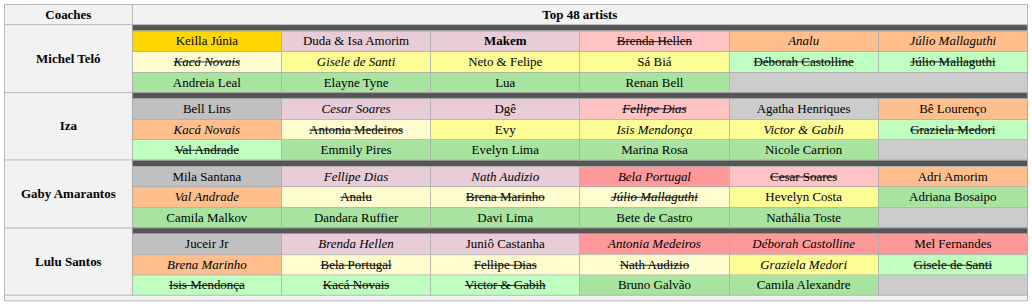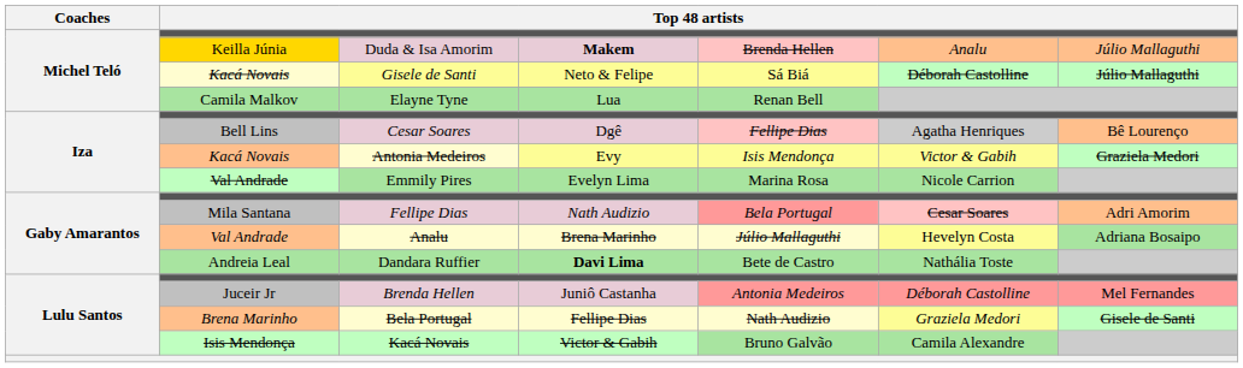 <table class="wikitable" style="text-align:center; width:100%;">
 <tr>
 <th scope="col" width="12%">Coaches</th>
 <th scope="col" width="85%" colspan=6>Top 48 artists</th>
 </tr>
 <tr>
 <th rowspan=4>Michel Teló</th>
 <td colspan=6 bgcolor=555555></td>
 </tr>
 <tr>
 <td bgcolor=FFD700 width="14%">Keilla Júnia</td>
 <td bgcolor=E8CCD7 width="14%">Duda & Isa Amorim</td>
 <td bgcolor=E8CCD7 width="14%"><strong>Makem</strong></td>
 <td bgcolor=FFC3C3 width="14%"><s>Brenda Hellen</s></td>
 <td bgcolor=FFBF8C width="14%"><em>Analu</em></td>
 <td bgcolor=FFBF8C width="14%"><em>Júlio Mallaguthi</em></td>
 </tr>
 <tr>
 <td bgcolor=FFFDD0><s><em>Kacá Novais</em></s></td>
 <td bgcolor=FDFD96><em>Gisele de Santi</em></td>
 <td bgcolor=FDFD96>Neto & Felipe</td>
 <td bgcolor=FDFD96>Sá Biá</td>
 <td bgcolor=BFFFC0><s>Déborah Castolline</s></td>
 <td bgcolor=BFFFC0><s>Júlio Mallaguthi</s></td>
 </tr>
 <tr>
-<td bgcolor=A8E4A0>Andreia Leal</td>
+<td bgcolor=A8E4A0>Camila Malkov</td>
 <td bgcolor=A8E4A0>Elayne Tyne</td>
 <td bgcolor=A8E4A0>Lua</td>
 <td bgcolor=A8E4A0>Renan Bell</td>
 <td colspan=2 bgcolor=CCCCCC></td>
 </tr>
 <tr>
 <th rowspan=4>Iza</th>
 <td colspan=6 bgcolor=555555></td>
 </tr>
 <tr>
 <td bgcolor=C0C0C0>Bell Lins</td>
 <td bgcolor=E8CCD7><em>Cesar Soares</em></td>
 <td bgcolor=E8CCD7>Dgê</td>
 <td bgcolor=FFC3C3><s><em>Fellipe Dias</em></s></td>
 <td bgcolor=CCCCCC>Agatha Henriques</td>
 <td bgcolor=FFBF8C>Bê Lourenço</td>
 </tr>
 <tr>
 <td bgcolor=FFBF8C><em>Kacá Novais</em></td>
 <td bgcolor=FFFDD0><s>Antonia Medeiros</s></td>
 <td bgcolor=FDFD96>Evy</td>
 <td bgcolor=FDFD96><em>Isis Mendonça</em></td>
 <td bgcolor=FDFD96><em>Victor & Gabih</em></td>
 <td bgcolor=BFFFC0><s>Graziela Medori</s></td>
 </tr>
 <tr>
 <td bgcolor=BFFFC0><s>Val Andrade</s></td>
 <td bgcolor=A8E4A0>Emmily Pires</td>
 <td bgcolor=A8E4A0>Evelyn Lima</td>
 <td bgcolor=A8E4A0>Marina Rosa</td>
 <td bgcolor=A8E4A0>Nicole Carrion</td>
 <td bgcolor=CCCCCC></td>
 </tr>
 <tr>
 <th rowspan=4>Gaby Amarantos</th>
 <td colspan=6 bgcolor=555555></td>
 </tr>
 <tr>
 <td bgcolor=C0C0C0>Mila Santana</td>
 <td bgcolor=E8CCD7><em>Fellipe Dias</em></td>
 <td bgcolor=E8CCD7><em>Nath Audizio</em></td>
 <td bgcolor=FF9999><em>Bela Portugal</em></td>
 <td bgcolor=FFC3C3><s>Cesar Soares</s></td>
 <td bgcolor=FFBF8C>Adri Amorim</td>
 </tr>
 <tr>
 <td bgcolor=FFBF8C><em>Val Andrade</em></td>
 <td bgcolor=FFFDD0><s>Analu</s></td>
 <td bgcolor=FFFDD0><s>Brena Marinho</s></td>
 <td bgcolor=FFFDD0><s><em>Júlio Mallaguthi</em></s></td>
 <td bgcolor=FDFD96>Hevelyn Costa</td>
 <td bgcolor=A8E4A0>Adriana Bosaipo</td>
 </tr>
 <tr>
-<td bgcolor=A8E4A0>Camila Malkov</td>
+<td bgcolor=A8E4A0>Andreia Leal</td>
 <td bgcolor=A8E4A0>Dandara Ruffier</td>
-<td bgcolor=A8E4A0>Davi Lima</td>
+<td bgcolor=A8E4A0><strong>Davi Lima</strong></td>
 <td bgcolor=A8E4A0>Bete de Castro</td>
 <td bgcolor=A8E4A0>Nathália Toste</td>
 <td bgcolor=CCCCCC></td>
 </tr>
 <tr>
 <th rowspan=4>Lulu Santos</th>
 <td colspan=6 bgcolor=555555></td>
 </tr>
 <tr>
 <td bgcolor=C0C0C0>Juceir Jr</td>
 <td bgcolor=E8CCD7><em>Brenda Hellen</em></td>
 <td bgcolor=E8CCD7>Juniô Castanha</td>
 <td bgcolor=FF9999><em>Antonia Medeiros</em></td>
 <td bgcolor=FF9999><em>Déborah Castolline</em></td>
 <td bgcolor=FF9999>Mel Fernandes</td>
 </tr>
 <tr>
 <td bgcolor=FFBF8C><em>Brena Marinho</em></td>
 <td bgcolor=FFFDD0><s>Bela Portugal</s></td>
 <td bgcolor=FFFDD0><s>Fellipe Dias</s></td>
 <td bgcolor=FFFDD0><s>Nath Audizio</s></td>
 <td bgcolor=FDFD96><em>Graziela Medori</em></td>
 <td bgcolor=BFFFC0><s>Gisele de Santi</s></td>
 </tr>
 <tr>
 <td bgcolor=BFFFC0><s>Isis Mendonça</s></td>
 <td bgcolor=BFFFC0><s>Kacá Novais</s></td>
 <td bgcolor=BFFFC0><s>Victor & Gabih</s></td>
 <td bgcolor=A8E4A0>Bruno Galvão</td>
 <td bgcolor=A8E4A0>Camila Alexandre</td>
 <td bgcolor=CCCCCC></td>
 </tr>
 <tr>
 <th colspan=7 style="font-size:95%; line-height:14px"></th>
 </tr>
 </table>
